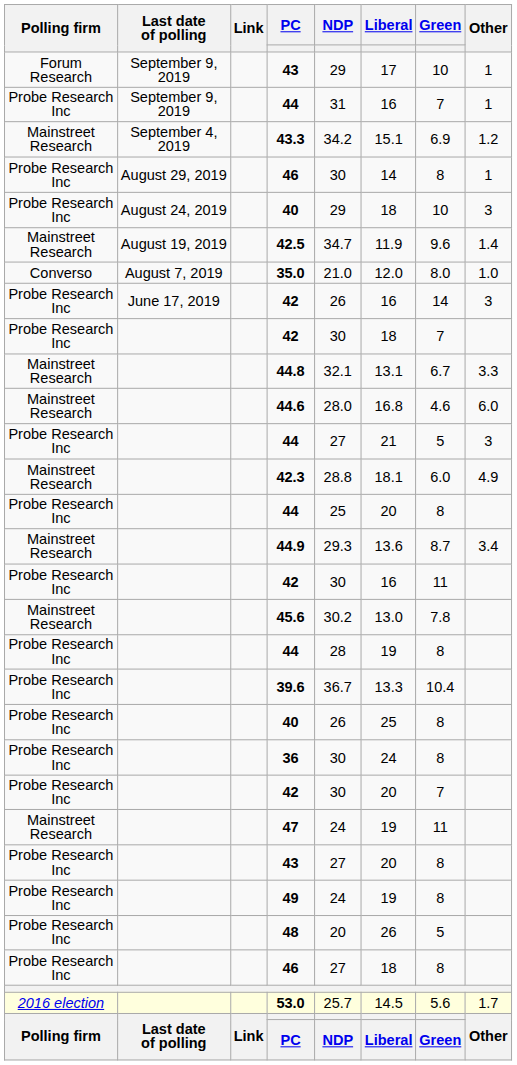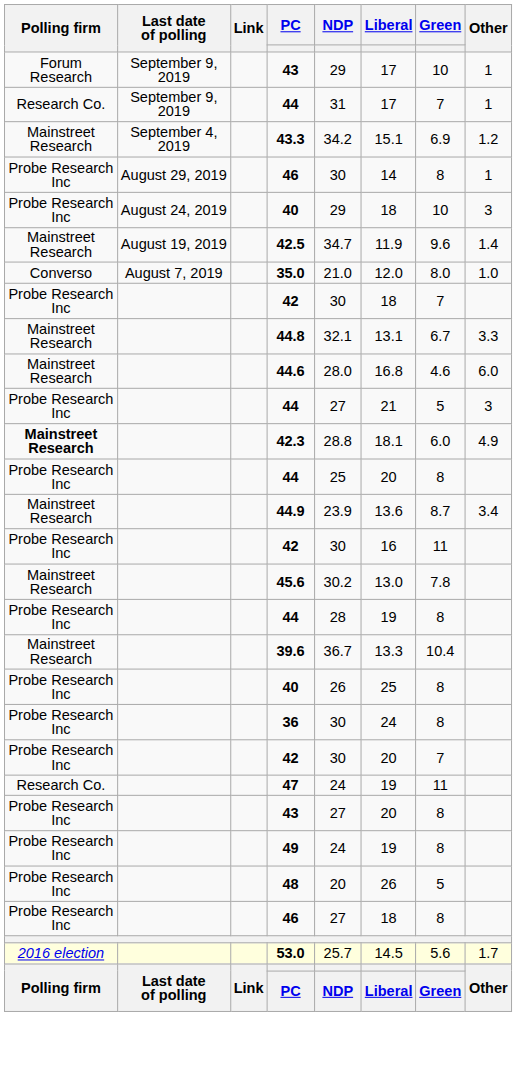 <table class="wikitable sortable tpl-blanktable" style="text-align:center;font-size:90%;line-height:14px">
 <tr style="height:40px;">
 <th style="width:105px" rowspan="2">Polling firm</th>
 <th style="width:105px" rowspan="2">Last date<br>of polling</th>
 <th sclass="unsortable" rowspan="2">Link</th>
 <th class="unsortable" style="width:40px"><a href='#'>PC</a></th>
 <th class="unsortable" style="width:40px"><a href='#'>NDP</a></th>
 <th class="unsortable" style="width:40px"><a href='#'>Liberal</a></th>
 <th class="unsortable" style="width:40px"><a href='#'>Green</a></th>
 <th rowspan="2" style="width:40px">Other</th>
 </tr>
 <tr>
 <th style="background:"></th>
 <th style="background:"></th>
 <th style="background:"></th>
 <th style="background:"></th>
 </tr>
 <tr>
 <td>Forum Research</td>
 <td>September 9, 2019</td>
 <td></td>
 <td><strong>43</strong></td>
 <td>29</td>
 <td>17</td>
 <td>10</td>
 <td>1</td>
 </tr>
 <tr>
-<td>Probe Research Inc</td>
+<td>Research Co.</td>
 <td>September 9, 2019</td>
 <td></td>
 <td><strong>44</strong></td>
 <td>31</td>
-<td>16</td>
+<td>17</td>
 <td>7</td>
 <td>1</td>
 </tr>
 <tr>
 <td>Mainstreet Research</td>
 <td>September 4, 2019</td>
 <td></td>
 <td><strong>43.3</strong></td>
 <td>34.2</td>
 <td>15.1</td>
 <td>6.9</td>
 <td>1.2</td>
 </tr>
 <tr>
 <td>Probe Research Inc</td>
 <td>August 29, 2019</td>
 <td></td>
 <td><strong>46</strong></td>
 <td>30</td>
 <td>14</td>
 <td>8</td>
 <td>1</td>
 </tr>
 <tr>
 <td>Probe Research Inc</td>
 <td>August 24, 2019</td>
 <td></td>
 <td><strong>40</strong></td>
 <td>29</td>
 <td>18</td>
 <td>10</td>
 <td>3</td>
 </tr>
 <tr>
 <td>Mainstreet Research</td>
 <td>August 19, 2019</td>
 <td></td>
 <td><strong>42.5</strong></td>
 <td>34.7</td>
 <td>11.9</td>
 <td>9.6</td>
 <td>1.4</td>
 </tr>
 <tr>
 <td>Converso</td>
 <td>August 7, 2019</td>
 <td></td>
 <td><strong>35.0</strong></td>
 <td>21.0</td>
 <td>12.0</td>
 <td>8.0</td>
 <td>1.0</td>
 </tr>
 <tr>
 <td>Probe Research Inc</td>
-<td>June 17, 2019</td>
-<td></td>
-<td><strong>42</strong></td>
-<td>26</td>
-<td>16</td>
-<td>14</td>
-<td>3</td>
-</tr>
-<tr>
-<td>Probe Research Inc</td>
 <td></td>
 <td></td>
 <td><strong>42</strong></td>
 <td>30</td>
 <td>18</td>
 <td>7</td>
 <td></td>
 </tr>
 <tr>
 <td>Mainstreet Research</td>
 <td></td>
 <td></td>
 <td><strong>44.8</strong></td>
 <td>32.1</td>
 <td>13.1</td>
 <td>6.7</td>
 <td>3.3</td>
 </tr>
 <tr>
 <td>Mainstreet Research</td>
 <td></td>
 <td></td>
 <td><strong>44.6</strong></td>
 <td>28.0</td>
 <td>16.8</td>
 <td>4.6</td>
 <td>6.0</td>
 </tr>
 <tr>
 <td>Probe Research Inc</td>
 <td></td>
 <td></td>
 <td><strong>44</strong></td>
 <td>27</td>
 <td>21</td>
 <td>5</td>
 <td>3</td>
 </tr>
 <tr>
-<td>Mainstreet Research</td>
+<td><strong>Mainstreet Research</strong></td>
 <td></td>
 <td></td>
 <td><strong>42.3</strong></td>
 <td>28.8</td>
 <td>18.1</td>
 <td>6.0</td>
 <td>4.9</td>
 </tr>
 <tr>
 <td>Probe Research Inc</td>
 <td></td>
 <td></td>
 <td><strong>44</strong></td>
 <td>25</td>
 <td>20</td>
 <td>8</td>
 <td></td>
 </tr>
 <tr>
 <td>Mainstreet Research</td>
 <td></td>
 <td></td>
 <td><strong>44.9</strong></td>
-<td>29.3</td>
+<td>23.9</td>
 <td>13.6</td>
 <td>8.7</td>
 <td>3.4</td>
 </tr>
 <tr>
 <td>Probe Research Inc</td>
 <td></td>
 <td></td>
 <td><strong>42</strong></td>
 <td>30</td>
 <td>16</td>
 <td>11</td>
 <td></td>
 </tr>
 <tr>
 <td>Mainstreet Research</td>
 <td></td>
 <td></td>
 <td><strong>45.6</strong></td>
 <td>30.2</td>
 <td>13.0</td>
 <td>7.8</td>
 <td></td>
 </tr>
 <tr>
 <td>Probe Research Inc</td>
 <td></td>
 <td></td>
 <td><strong>44</strong></td>
 <td>28</td>
 <td>19</td>
 <td>8</td>
 <td></td>
 </tr>
 <tr>
-<td>Probe Research Inc</td>
+<td>Mainstreet Research</td>
 <td></td>
 <td></td>
 <td><strong>39.6</strong></td>
 <td>36.7</td>
 <td>13.3</td>
 <td>10.4</td>
 <td></td>
 </tr>
 <tr>
 <td>Probe Research Inc</td>
 <td></td>
 <td></td>
 <td><strong>40</strong></td>
 <td>26</td>
 <td>25</td>
 <td>8</td>
 <td></td>
 </tr>
 <tr>
 <td>Probe Research Inc</td>
 <td></td>
 <td></td>
 <td><strong>36</strong></td>
 <td>30</td>
 <td>24</td>
 <td>8</td>
 <td></td>
 </tr>
 <tr>
 <td>Probe Research Inc</td>
 <td></td>
 <td></td>
 <td><strong>42</strong></td>
 <td>30</td>
 <td>20</td>
 <td>7</td>
 <td></td>
 </tr>
 <tr>
-<td>Mainstreet Research</td>
+<td>Research Co.</td>
 <td></td>
 <td></td>
 <td><strong>47</strong></td>
 <td>24</td>
 <td>19</td>
 <td>11</td>
 <td></td>
 </tr>
 <tr>
 <td>Probe Research Inc</td>
 <td></td>
 <td></td>
 <td><strong>43</strong></td>
 <td>27</td>
 <td>20</td>
 <td>8</td>
 <td></td>
 </tr>
 <tr>
 <td>Probe Research Inc</td>
 <td></td>
 <td></td>
 <td><strong>49</strong></td>
 <td>24</td>
 <td>19</td>
 <td>8</td>
 <td></td>
 </tr>
 <tr>
 <td>Probe Research Inc</td>
 <td></td>
 <td></td>
 <td><strong>48</strong></td>
 <td>20</td>
 <td>26</td>
 <td>5</td>
 <td></td>
 </tr>
 <tr>
 <td>Probe Research Inc</td>
 <td></td>
 <td></td>
 <td><strong>46</strong></td>
 <td>27</td>
 <td>18</td>
 <td>8</td>
 <td></td>
 </tr>
 <tr>
 <th colspan="8"></th>
 </tr>
 <tr style="background:#ffd;">
 <td><a href='#'><em>2016 election</em></a></td>
 <td></td>
 <td></td>
 <td><strong>53.0</strong></td>
 <td>25.7</td>
 <td>14.5</td>
 <td>5.6</td>
 <td>1.7</td>
 </tr>
 <tr>
 <th rowspan="2">Polling firm</th>
 <th rowspan="2">Last date<br>of polling</th>
 <th rowspan="2">Link</th>
 <th style="background:"></th>
 <th style="background:"></th>
 <th style="background:"></th>
 <th style="background:"></th>
 <th rowspan="2">Other</th>
 </tr>
 <tr style="height:40px;">
 <th><a href='#'>PC</a></th>
 <th><a href='#'>NDP</a></th>
 <th><a href='#'>Liberal</a></th>
 <th><a href='#'>Green</a></th>
 </tr>
 </table>
